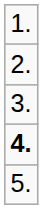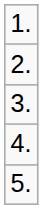 <table class="wikitable">
 <tr>
 <td>1. </td>
 </tr>
 <tr>
 <td>2. </td>
 </tr>
 <tr>
 <td>3. </td>
 </tr>
 <tr>
-<td><strong>4. </strong></td>
+<td>4. </td>
 </tr>
 <tr>
 <td>5. </td>
 </tr>
 </table>
